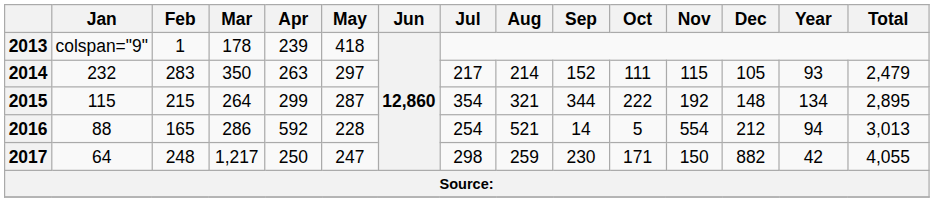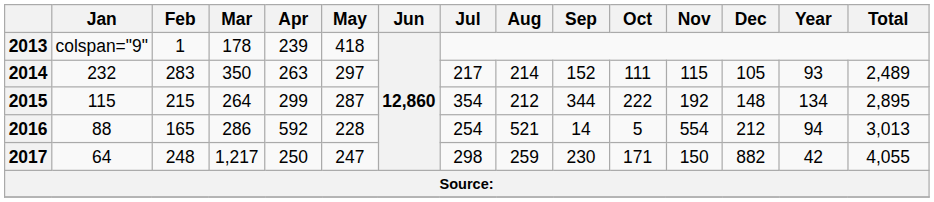 <table class="wikitable" style="font-size: 90%; text-align: center">
 <tr>
 <th></th>
 <th width="40px">Jan</th>
 <th width="40px">Feb</th>
 <th width="40px">Mar</th>
 <th width="40px">Apr</th>
 <th width="40px">May</th>
 <th width="40px">Jun</th>
 <th width="40px">Jul</th>
 <th width="40px">Aug</th>
 <th width="40px">Sep</th>
 <th width="40px">Oct</th>
 <th width="40px">Nov</th>
 <th width="40px">Dec</th>
 <th width="50px">Year</th>
 <th width="60px">Total</th>
 </tr>
 <tr>
 <th>2013</th>
 <td>colspan="9" </td>
 <td>1</td>
 <td>178</td>
 <td>239</td>
 <td>418</td>
 <th rowspan="5">12,860</th>
 </tr>
 <tr>
 <th>2014</th>
 <td>232</td>
 <td>283</td>
 <td>350</td>
 <td>263</td>
 <td>297</td>
 <td>217</td>
 <td>214</td>
 <td>152</td>
 <td>111</td>
 <td>115</td>
 <td>105</td>
 <td>93</td>
-<td>2,479</td>
+<td>2,489</td>
 </tr>
 <tr>
 <th>2015</th>
 <td>115</td>
 <td>215</td>
 <td>264</td>
 <td>299</td>
 <td>287</td>
 <td>354</td>
-<td>321</td>
+<td>212</td>
 <td>344</td>
 <td>222</td>
 <td>192</td>
 <td>148</td>
 <td>134</td>
 <td>2,895</td>
 </tr>
 <tr>
 <th>2016</th>
 <td>88</td>
 <td>165</td>
 <td>286</td>
 <td>592</td>
 <td>228</td>
 <td>254</td>
 <td>521</td>
 <td>14</td>
 <td>5</td>
 <td>554</td>
 <td>212</td>
 <td>94</td>
 <td>3,013</td>
 </tr>
 <tr>
 <th>2017</th>
 <td>64</td>
 <td>248</td>
 <td>1,217</td>
 <td>250</td>
 <td>247</td>
 <td>298</td>
 <td>259</td>
 <td>230</td>
 <td>171</td>
 <td>150</td>
 <td>882</td>
 <td>42</td>
 <td>4,055</td>
 </tr>
 <tr>
 <th colspan="15"><small>Source:</small></th>
 </tr>
 <tr>
 </tr>
 </table>
